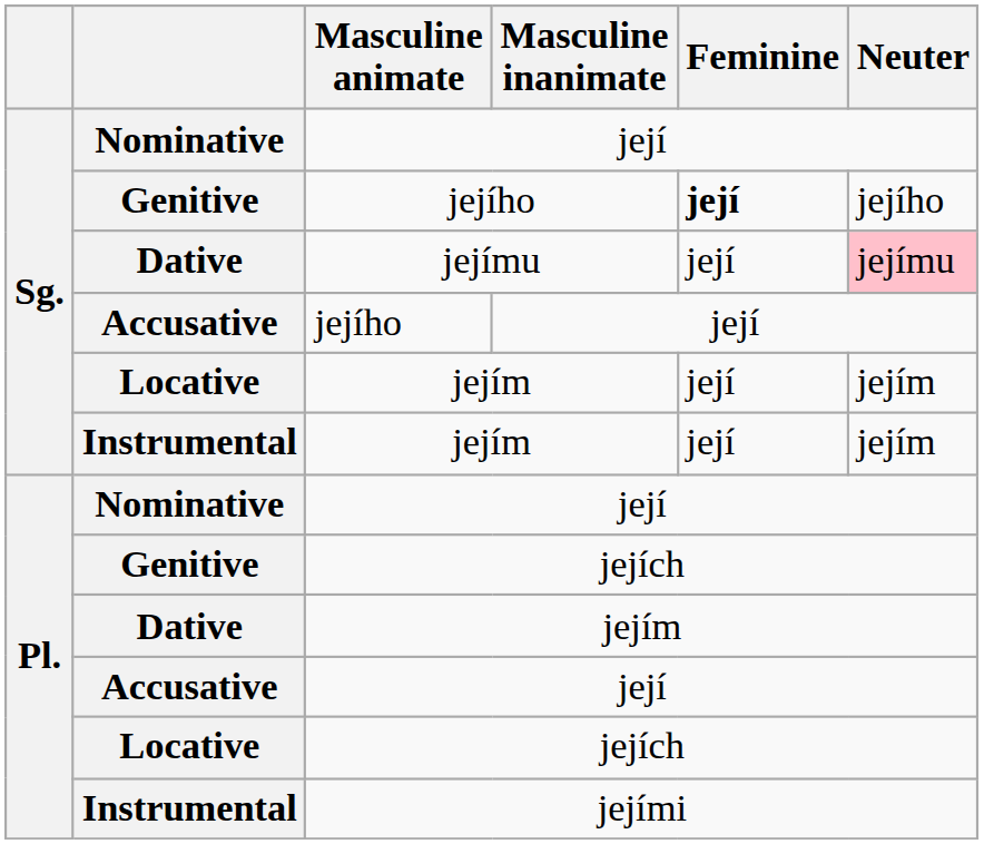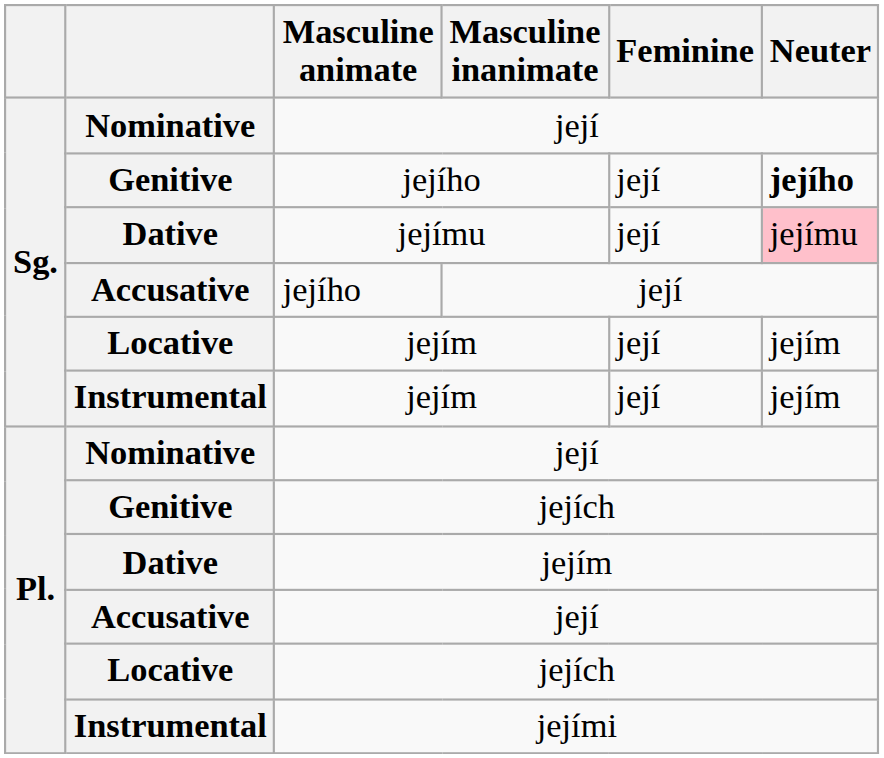 <table class=wikitable>
 <tr>
 <th> </th>
 <th> </th>
 <th>Masculine<br>animate</th>
 <th>Masculine<br>inanimate</th>
 <th>Feminine</th>
 <th>Neuter</th>
 </tr>
 <tr>
 <th rowspan="6">Sg.</th>
 <th>Nominative</th>
 <td colspan=4 align=center>její</td>
 </tr>
 <tr>
 <th>Genitive</th>
 <td colspan=2 align=center>jejího</td>
-<td><strong>její</strong></td>
-<td>jejího</td>
+<td>její</td>
+<td><strong>jejího</strong></td>
 </tr>
 <tr>
 <th>Dative</th>
 <td colspan=2 align=center>jejímu</td>
 <td>její</td>
 <td style="background: pink;">jejímu</td>
 </tr>
 <tr>
 <th>Accusative</th>
 <td>jejího</td>
 <td colspan=3 align=center>její</td>
 </tr>
 <tr>
 <th>Locative</th>
 <td colspan=2 align=center>jejím</td>
 <td>její</td>
 <td>jejím</td>
 </tr>
 <tr>
 <th>Instrumental</th>
 <td colspan=2 align=center>jejím</td>
 <td>její</td>
 <td>jejím</td>
 </tr>
 <tr>
 <th rowspan="6">Pl.</th>
 <th>Nominative</th>
 <td colspan=4 align=center>její</td>
 </tr>
 <tr>
 <th>Genitive</th>
 <td colspan=4 align=center>jejích</td>
 </tr>
 <tr>
 <th>Dative</th>
 <td colspan=4 align=center>jejím</td>
 </tr>
 <tr>
 <th>Accusative</th>
 <td colspan=4 align=center>její</td>
 </tr>
 <tr>
 <th>Locative</th>
 <td colspan=4 align=center>jejích</td>
 </tr>
 <tr>
 <th>Instrumental</th>
 <td colspan=4 align=center>jejími</td>
 </tr>
 </table>
